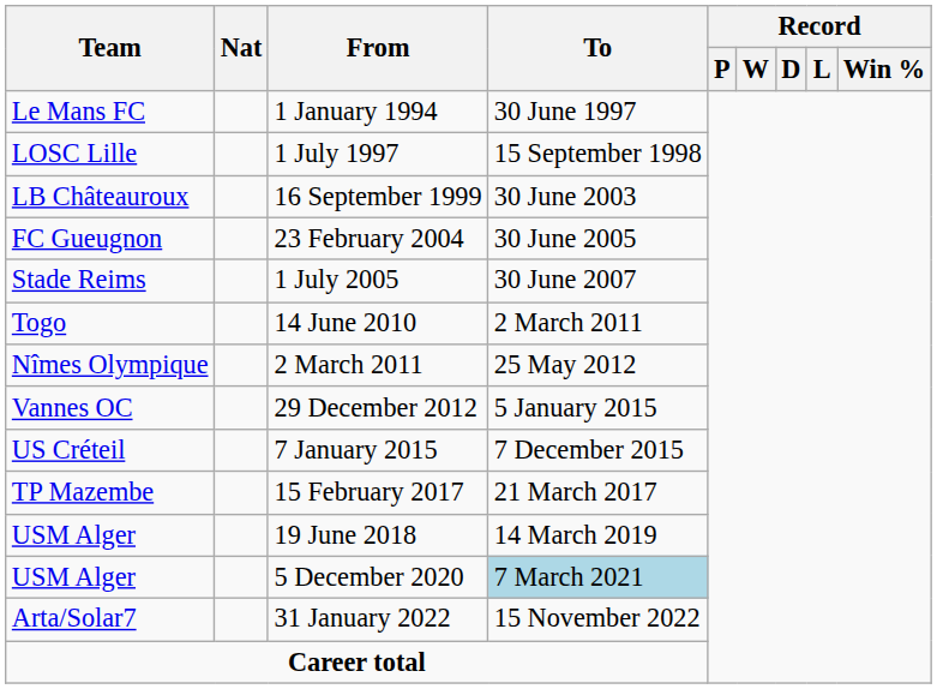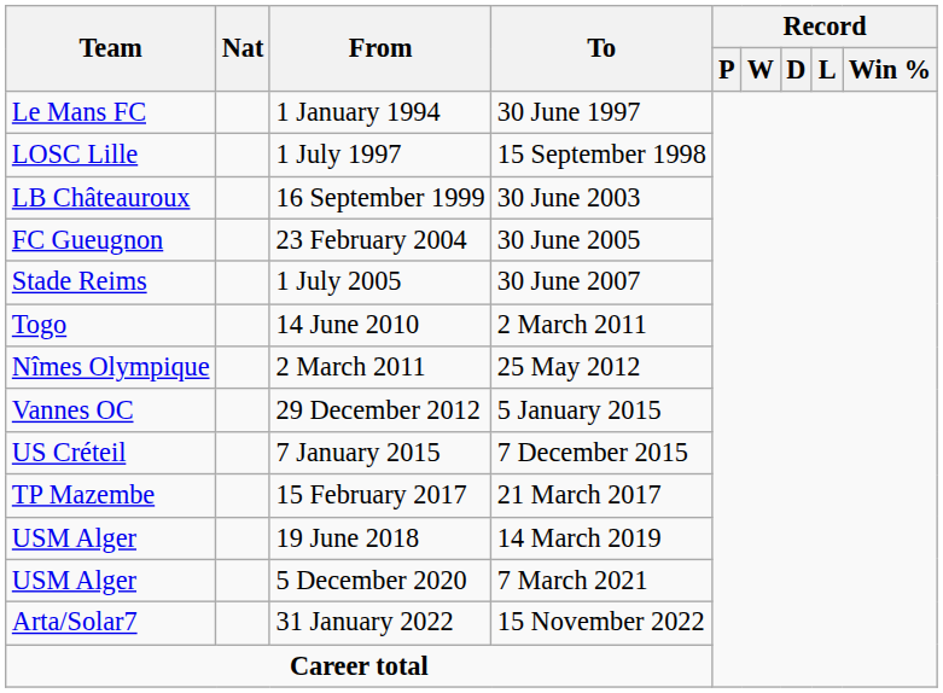 <table class="wikitable" style="text-align: center">
 <tr>
 <th rowspan="2">Team</th>
 <th rowspan="2">Nat</th>
 <th rowspan="2">From</th>
 <th rowspan="2">To</th>
 <th colspan="5">Record</th>
 </tr>
 <tr>
 <th>P</th>
 <th>W</th>
 <th>D</th>
 <th>L</th>
 <th>Win %</th>
 </tr>
 <tr>
 <td align="left"><a href='#'>Le Mans FC</a></td>
 <td></td>
 <td align=left>1 January 1994</td>
 <td align=left>30 June 1997<br></td>
 </tr>
 <tr>
 <td align="left"><a href='#'>LOSC Lille</a></td>
 <td></td>
 <td align=left>1 July 1997</td>
 <td align=left>15 September 1998<br></td>
 </tr>
 <tr>
 <td align="left"><a href='#'>LB Châteauroux</a></td>
 <td></td>
 <td align=left>16 September 1999</td>
 <td align=left>30 June 2003<br></td>
 </tr>
 <tr>
 <td align="left"><a href='#'>FC Gueugnon</a></td>
 <td></td>
 <td align=left>23 February 2004</td>
 <td align=left>30 June 2005<br></td>
 </tr>
 <tr>
 <td align="left"><a href='#'>Stade Reims</a></td>
 <td></td>
 <td align=left>1 July 2005</td>
 <td align=left>30 June 2007<br></td>
 </tr>
 <tr>
 <td align="left"><a href='#'>Togo</a></td>
 <td></td>
 <td align=left>14 June 2010</td>
 <td align=left>2 March 2011<br></td>
 </tr>
 <tr>
 <td align="left"><a href='#'>Nîmes Olympique</a></td>
 <td></td>
 <td align=left>2 March 2011</td>
 <td align=left>25 May 2012<br></td>
 </tr>
 <tr>
 <td align="left"><a href='#'>Vannes OC</a></td>
 <td></td>
 <td align=left>29 December 2012</td>
 <td align=left>5 January 2015<br></td>
 </tr>
 <tr>
 <td align="left"><a href='#'>US Créteil</a></td>
 <td></td>
 <td align=left>7 January 2015</td>
 <td align=left>7 December 2015<br></td>
 </tr>
 <tr>
 <td align="left"><a href='#'>TP Mazembe</a></td>
 <td></td>
 <td align=left>15 February 2017</td>
 <td align=left>21 March 2017<br></td>
 </tr>
 <tr>
 <td align="left"><a href='#'>USM Alger</a></td>
 <td></td>
 <td align=left>19 June 2018</td>
 <td align=left>14 March 2019<br></td>
 </tr>
 <tr>
 <td align="left"><a href='#'>USM Alger</a></td>
 <td></td>
 <td align=left>5 December 2020</td>
-<td align=left style="background: lightblue;">7 March 2021<br></td>
+<td align=left>7 March 2021<br></td>
 </tr>
 <tr>
 <td align="left"><a href='#'>Arta/Solar7</a></td>
 <td></td>
 <td align=left>31 January 2022</td>
 <td align=left>15 November 2022<br></td>
 </tr>
 <tr>
 <td colspan=4><strong>Career total</strong><br></td>
 </tr>
 </table>
